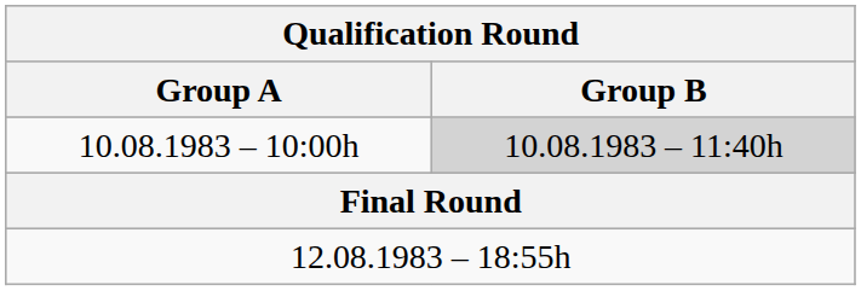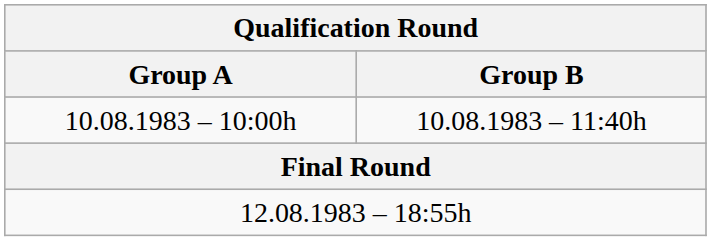 <table class="wikitable" style=" text-align:center; font-size:110%;" width="35%">
 <tr>
 <th colspan="2">Qualification Round</th>
 </tr>
 <tr>
 <th>Group A</th>
 <th>Group B</th>
 </tr>
 <tr>
 <td>10.08.1983 – 10:00h</td>
-<td style="background: lightgrey;">10.08.1983 – 11:40h</td>
+<td>10.08.1983 – 11:40h</td>
 </tr>
 <tr>
 <th colspan="2">Final Round</th>
 </tr>
 <tr>
 <td colspan="2">12.08.1983 – 18:55h</td>
 </tr>
 </table>
